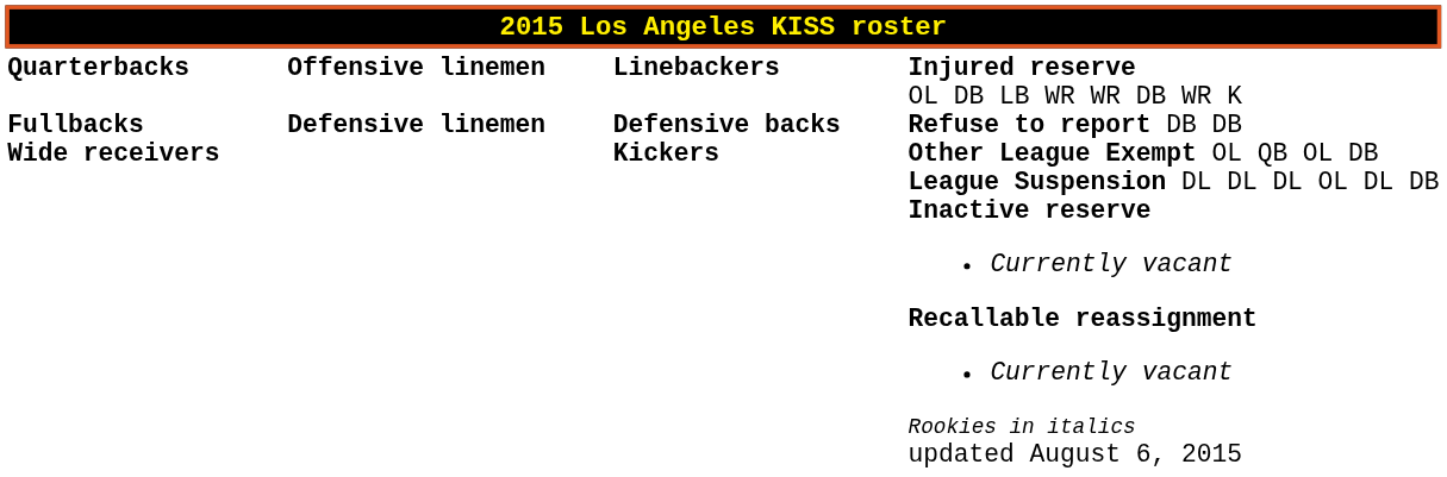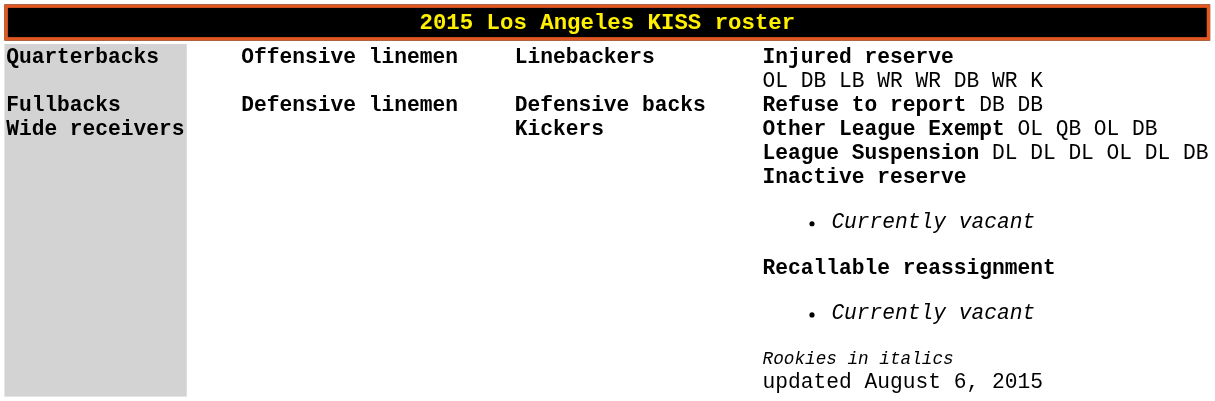 <table class="toccolours" style="text-align: left;">
 <tr>
 <th colspan=7 style="background:black; border: 2px solid #E25822; color:#FFEF00; text-align:center;"><strong>2015 Los Angeles KISS roster</strong></th>
 </tr>
 <tr>
-<td style="font-size: 95%;vertical-align:top;"><strong>Quarterbacks</strong><br> <br><strong>Fullbacks</strong> <br><strong>Wide receivers</strong>    </td>
+<td style="background: lightgrey; font-size: 95%;vertical-align:top;"><strong>Quarterbacks</strong><br> <br><strong>Fullbacks</strong> <br><strong>Wide receivers</strong>    </td>
 <td style="width: 25px;"></td>
 <td style="font-size: 95%;vertical-align:top;"><strong>Offensive linemen</strong><br>   <br><strong>Defensive linemen</strong>     </td>
 <td style="width: 25px;"></td>
 <td style="font-size: 95%;vertical-align:top;"><strong>Linebackers</strong><br> <br><strong>Defensive backs</strong>    <br><strong>Kickers</strong> </td>
 <td style="width: 25px;"></td>
 <td style="font-size: 95%;vertical-align:top;"><strong>Injured reserve</strong><br> OL  DB  LB  WR    WR  DB  WR  K<br><strong>Refuse to report</strong>  DB  DB<br><strong>Other League Exempt</strong>  OL  QB  OL  DB <br><strong>League Suspension</strong>   DL  DL  DL   OL   DL  DB <br><strong>Inactive reserve</strong><ul><li><em>Currently vacant</em></li></ul><strong>Recallable reassignment</strong><ul><li><em>Currently vacant</em></li></ul><small><em>Rookies in italics</em></small><br> <span></span> updated August 6, 2015<br> </td>
 </tr>
 <tr>
 </tr>
 </table>
